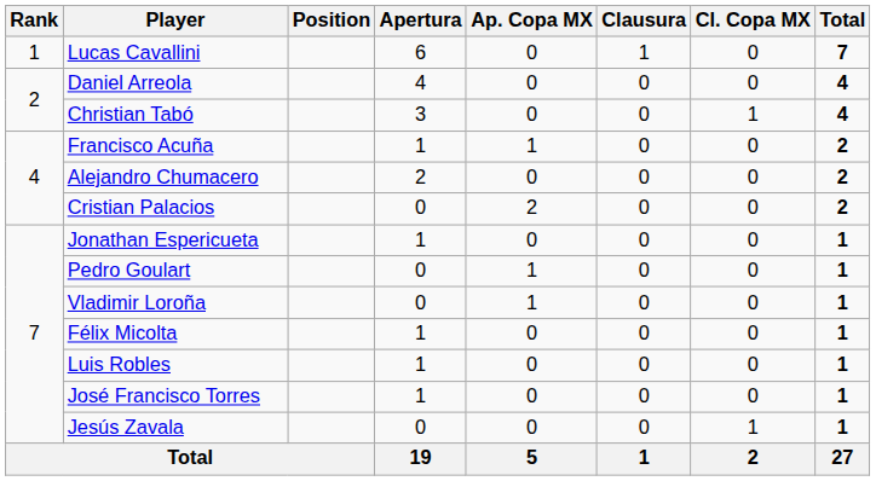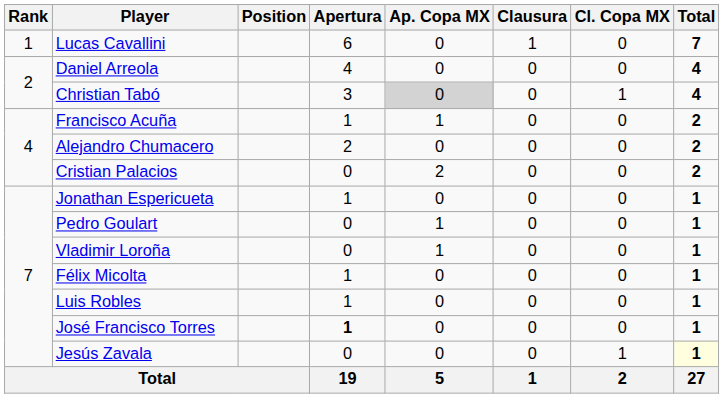 <table class="wikitable">
 <tr>
 <th>Rank</th>
 <th style="width:175px;">Player</th>
 <th>Position</th>
 <th>Apertura</th>
 <th>Ap. Copa MX</th>
 <th>Clausura</th>
 <th>Cl. Copa MX</th>
 <th>Total</th>
 </tr>
 <tr>
 <td align=center>1</td>
 <td> <a href='#'>Lucas Cavallini</a></td>
 <td align=center></td>
 <td align=center>6</td>
 <td align=center>0</td>
 <td align=center>1</td>
 <td align=center>0</td>
 <td align=center><strong>7</strong></td>
 </tr>
 <tr>
 <td align=center rowspan=2>2</td>
 <td> <a href='#'>Daniel Arreola</a></td>
 <td align=center></td>
 <td align=center>4</td>
 <td align=center>0</td>
 <td align=center>0</td>
 <td align=center>0</td>
 <td align=center><strong>4</strong></td>
 </tr>
 <tr>
 <td> <a href='#'>Christian Tabó</a></td>
 <td align=center></td>
 <td align=center>3</td>
-<td align=center>0</td>
+<td align=center style="background: lightgrey;">0</td>
 <td align=center>0</td>
 <td align=center>1</td>
 <td align=center><strong>4</strong></td>
 </tr>
 <tr>
 <td align=center rowspan=3>4</td>
 <td> <a href='#'>Francisco Acuña</a></td>
 <td align=center></td>
 <td align=center>1</td>
 <td align=center>1</td>
 <td align=center>0</td>
 <td align=center>0</td>
 <td align=center><strong>2</strong></td>
 </tr>
 <tr>
 <td> <a href='#'>Alejandro Chumacero</a></td>
 <td align=center></td>
 <td align=center>2</td>
 <td align=center>0</td>
 <td align=center>0</td>
 <td align=center>0</td>
 <td align=center><strong>2</strong></td>
 </tr>
 <tr>
 <td> <a href='#'>Cristian Palacios</a></td>
 <td align=center></td>
 <td align=center>0</td>
 <td align=center>2</td>
 <td align=center>0</td>
 <td align=center>0</td>
 <td align=center><strong>2</strong></td>
 </tr>
 <tr>
 <td align=center rowspan=7>7</td>
 <td> <a href='#'>Jonathan Espericueta</a></td>
 <td align=center></td>
 <td align=center>1</td>
 <td align=center>0</td>
 <td align=center>0</td>
 <td align=center>0</td>
 <td align=center><strong>1</strong></td>
 </tr>
 <tr>
 <td> <a href='#'>Pedro Goulart</a></td>
 <td align=center></td>
 <td align=center>0</td>
 <td align=center>1</td>
 <td align=center>0</td>
 <td align=center>0</td>
 <td align=center><strong>1</strong></td>
 </tr>
 <tr>
 <td> <a href='#'>Vladimir Loroña</a></td>
 <td align=center></td>
 <td align=center>0</td>
 <td align=center>1</td>
 <td align=center>0</td>
 <td align=center>0</td>
 <td align=center><strong>1</strong></td>
 </tr>
 <tr>
 <td> <a href='#'>Félix Micolta</a></td>
 <td align=center></td>
 <td align=center>1</td>
 <td align=center>0</td>
 <td align=center>0</td>
 <td align=center>0</td>
 <td align=center><strong>1</strong></td>
 </tr>
 <tr>
 <td> <a href='#'>Luis Robles</a></td>
 <td align=center></td>
 <td align=center>1</td>
 <td align=center>0</td>
 <td align=center>0</td>
 <td align=center>0</td>
 <td align=center><strong>1</strong></td>
 </tr>
 <tr>
 <td> <a href='#'>José Francisco Torres</a></td>
 <td align=center></td>
-<td align=center>1</td>
+<td align=center><strong>1</strong></td>
 <td align=center>0</td>
 <td align=center>0</td>
 <td align=center>0</td>
 <td align=center><strong>1</strong></td>
 </tr>
 <tr>
 <td> <a href='#'>Jesús Zavala</a></td>
 <td align=center></td>
 <td align=center>0</td>
 <td align=center>0</td>
 <td align=center>0</td>
 <td align=center>1</td>
-<td align=center><strong>1</strong></td>
+<td align=center style="background: lightyellow;"><strong>1</strong></td>
 </tr>
 <tr>
 <th align=center colspan=3>Total</th>
 <th align=center>19</th>
 <th align=center>5</th>
 <th align=center>1</th>
 <th align=center>2</th>
 <th align=center>27</th>
 </tr>
 </table>
